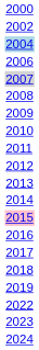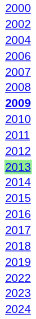 <table>
 <tr>
 <td><a href='#'>2000</a></td>
 <td></td>
 <td></td>
 <td></td>
 </tr>
 <tr>
 <td><a href='#'>2002</a></td>
 <td></td>
 <td></td>
 <td></td>
 </tr>
 <tr>
-<td style="background: lightblue;"><a href='#'>2004</a></td>
+<td><a href='#'>2004</a></td>
 <td></td>
 <td></td>
 <td></td>
 </tr>
 <tr>
 <td><a href='#'>2006</a></td>
 <td></td>
 <td></td>
 <td></td>
 </tr>
 <tr>
-<td style="background: lightgrey;"><a href='#'>2007</a></td>
+<td><a href='#'>2007</a></td>
 <td></td>
 <td></td>
 <td></td>
 </tr>
 <tr>
 <td><a href='#'>2008</a></td>
 <td></td>
 <td></td>
 <td></td>
 </tr>
 <tr>
-<td><a href='#'>2009</a></td>
+<td><strong><a href='#'>2009</a></strong></td>
 <td></td>
 <td></td>
 <td></td>
 </tr>
 <tr>
 <td><a href='#'>2010</a></td>
 <td></td>
 <td></td>
 <td></td>
 </tr>
 <tr>
 <td><a href='#'>2011</a></td>
 <td></td>
 <td></td>
 <td></td>
 </tr>
 <tr>
 <td><a href='#'>2012</a></td>
 <td></td>
 <td></td>
 <td></td>
 </tr>
 <tr>
-<td><a href='#'>2013</a></td>
+<td style="background: lightgreen;"><a href='#'>2013</a></td>
 <td></td>
 <td></td>
 <td></td>
 </tr>
 <tr>
 <td rowspan=2><a href='#'>2014</a></td>
 <td rowspan=2></td>
 <td rowspan=2></td>
 <td></td>
 </tr>
 <tr>
 <td></td>
 </tr>
 <tr>
-<td style="background: pink;"><a href='#'>2015</a></td>
+<td><a href='#'>2015</a></td>
 <td></td>
 <td></td>
 <td></td>
 </tr>
 <tr>
 <td rowspan=2><a href='#'>2016</a></td>
 <td rowspan=2></td>
 <td rowspan=2></td>
 <td></td>
 </tr>
 <tr>
 <td></td>
 </tr>
 <tr>
 <td rowspan=2><a href='#'>2017</a></td>
 <td rowspan=2></td>
 <td rowspan=2></td>
 <td></td>
 </tr>
 <tr>
 <td></td>
 </tr>
 <tr>
 <td rowspan=2><a href='#'>2018</a></td>
 <td rowspan=2></td>
 <td rowspan=2></td>
 <td></td>
 </tr>
 <tr>
 <td></td>
 </tr>
 <tr>
 <td rowspan=2><a href='#'>2019</a></td>
 <td rowspan=2></td>
 <td rowspan=2></td>
 <td></td>
 </tr>
 <tr>
 <td></td>
 </tr>
 <tr>
 <td rowspan=2><a href='#'>2022</a></td>
 <td rowspan=2></td>
 <td rowspan=2></td>
 <td></td>
 </tr>
 <tr>
 <td></td>
 </tr>
 <tr>
 <td rowspan=2><a href='#'>2023</a></td>
 <td rowspan=2></td>
 <td rowspan=2></td>
 <td></td>
 </tr>
 <tr>
 <td></td>
 </tr>
 <tr>
 <td rowspan=2><a href='#'>2024</a></td>
 <td rowspan=2></td>
 <td rowspan=2></td>
 <td></td>
 </tr>
 <tr>
 <td></td>
 </tr>
 </table>
